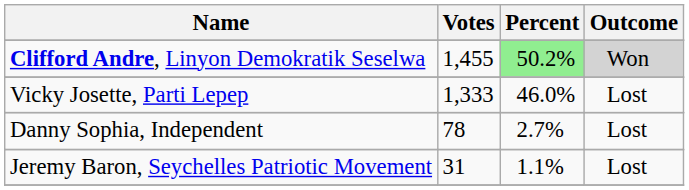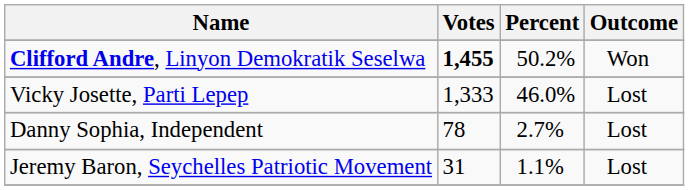 <table class="wikitable">
 <tr>
 <th>Name</th>
 <th>Votes</th>
 <th>Percent</th>
 <th>Outcome</th>
 </tr>
 <tr>
 </tr>
 <tr>
 <td><strong><a href='#'>Clifford Andre</a></strong>, <a href='#'>Linyon Demokratik Seselwa</a></td>
-<td>1,455</td>
-<td style="background: lightgreen;">  50.2%</td>
-<td style="background: lightgrey;">   Won</td>
+<td><strong>1,455</strong></td>
+<td>  50.2%</td>
+<td>   Won</td>
 </tr>
 <tr>
 </tr>
 <tr>
 <td>Vicky Josette, <a href='#'>Parti Lepep</a></td>
 <td>1,333</td>
 <td>  46.0%</td>
 <td>   Lost</td>
 </tr>
 <tr>
 </tr>
 <tr>
 <td>Danny Sophia, Independent</td>
 <td>78</td>
 <td>  2.7%</td>
 <td>   Lost</td>
 </tr>
 <tr>
 </tr>
 <tr>
 <td>Jeremy Baron, <a href='#'>Seychelles Patriotic Movement</a></td>
 <td>31</td>
 <td>  1.1%</td>
 <td>   Lost</td>
 </tr>
 <tr>
 </tr>
 </table>
